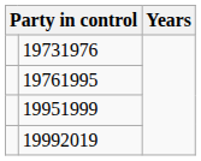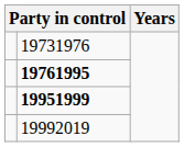 <table class="wikitable">
 <tr>
 <th colspan="2">Party in control</th>
 <th>Years</th>
 </tr>
 <tr>
 <td></td>
 <td>19731976</td>
 </tr>
 <tr>
 <td></td>
-<td>19761995</td>
+<td><strong>19761995</strong></td>
 </tr>
 <tr>
 <td></td>
-<td>19951999</td>
+<td><strong>19951999</strong></td>
 </tr>
 <tr>
 <td></td>
 <td>19992019</td>
 </tr>
 </table>
